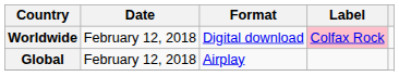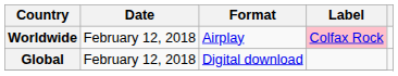 <table class="wikitable plainrowheaders">
 <tr>
 <th>Country</th>
 <th>Date</th>
 <th>Format</th>
 <th>Label</th>
 <th></th>
 </tr>
 <tr>
 <th scope="row">Worldwide</th>
 <td>February 12, 2018</td>
-<td><a href='#'>Digital download</a></td>
+<td><a href='#'>Airplay</a></td>
 <td style="background: pink;"><a href='#'>Colfax Rock</a></td>
 <td></td>
 </tr>
 <tr>
 <th scope="row">Global</th>
 <td>February 12, 2018</td>
-<td><a href='#'>Airplay</a></td>
+<td><a href='#'>Digital download</a></td>
 <td></td>
 </tr>
 <tr>
 </tr>
 </table>
